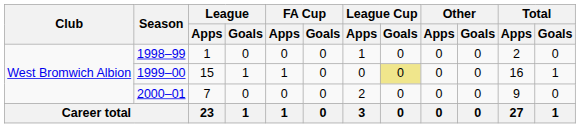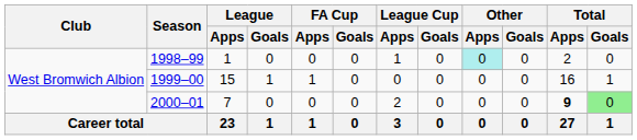 <table class="wikitable" style="text-align: center;">
 <tr>
 <th rowspan="2">Club</th>
 <th rowspan="2">Season</th>
 <th colspan="2">League</th>
 <th colspan="2">FA Cup</th>
 <th colspan="2">League Cup</th>
 <th colspan="2">Other</th>
 <th colspan="2">Total</th>
 </tr>
 <tr>
 <th>Apps</th>
 <th>Goals</th>
 <th>Apps</th>
 <th>Goals</th>
 <th>Apps</th>
 <th>Goals</th>
 <th>Apps</th>
 <th>Goals</th>
 <th>Apps</th>
 <th>Goals</th>
 </tr>
 <tr>
 <td rowspan="3" valign="center"><a href='#'>West Bromwich Albion</a></td>
 <td><a href='#'>1998–99</a></td>
 <td>1</td>
 <td>0</td>
 <td>0</td>
 <td>0</td>
 <td>1</td>
 <td>0</td>
-<td>0</td>
+<td style="background: paleturquoise;">0</td>
 <td>0</td>
 <td>2</td>
 <td>0</td>
 </tr>
 <tr>
 <td><a href='#'>1999–00</a></td>
 <td>15</td>
 <td>1</td>
 <td>1</td>
 <td>0</td>
 <td>0</td>
-<td style="background: khaki;">0</td>
+<td>0</td>
 <td>0</td>
 <td>0</td>
 <td>16</td>
 <td>1</td>
 </tr>
 <tr>
 <td><a href='#'>2000–01</a></td>
 <td>7</td>
 <td>0</td>
 <td>0</td>
 <td>0</td>
 <td>2</td>
 <td>0</td>
 <td>0</td>
 <td>0</td>
-<td>9</td>
-<td>0</td>
+<td><strong>9</strong></td>
+<td style="background: lightgreen;">0</td>
 </tr>
 <tr>
 <th colspan="2">Career total</th>
 <th>23</th>
 <th>1</th>
 <th>1</th>
 <th>0</th>
 <th>3</th>
 <th>0</th>
 <th>0</th>
 <th>0</th>
 <th>27</th>
 <th>1</th>
 </tr>
 </table>
